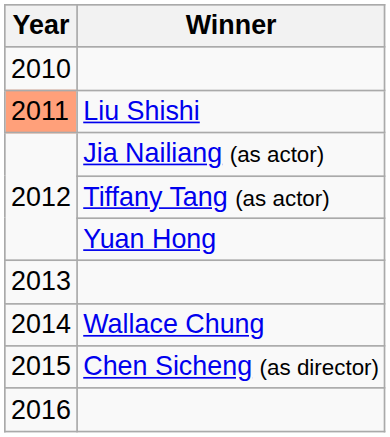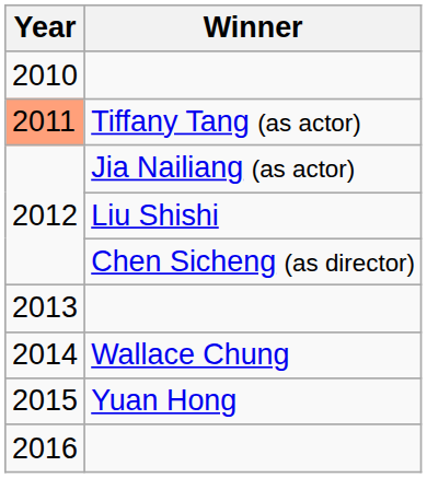 <table class="wikitable">
 <tr>
 <th>Year</th>
 <th>Winner</th>
 </tr>
 <tr>
 <td>2010</td>
 <td></td>
 </tr>
 <tr>
 <td style="background: lightsalmon;">2011</td>
-<td><a href='#'>Liu Shishi</a></td>
+<td><a href='#'>Tiffany Tang</a> <small>(as actor)</small></td>
 </tr>
 <tr>
 <td rowspan=3>2012</td>
 <td><a href='#'>Jia Nailiang</a> <small>(as actor)</small></td>
 </tr>
 <tr>
-<td><a href='#'>Tiffany Tang</a> <small>(as actor)</small></td>
+<td><a href='#'>Liu Shishi</a></td>
 </tr>
 <tr>
-<td><a href='#'>Yuan Hong</a></td>
+<td><a href='#'>Chen Sicheng</a> <small>(as director)</small></td>
 </tr>
 <tr>
 <td>2013</td>
 <td></td>
 </tr>
 <tr>
 <td>2014</td>
 <td><a href='#'>Wallace Chung</a></td>
 </tr>
 <tr>
 <td>2015</td>
-<td><a href='#'>Chen Sicheng</a> <small>(as director)</small></td>
+<td><a href='#'>Yuan Hong</a></td>
 </tr>
 <tr>
 <td>2016</td>
 <td></td>
 </tr>
 </table>
